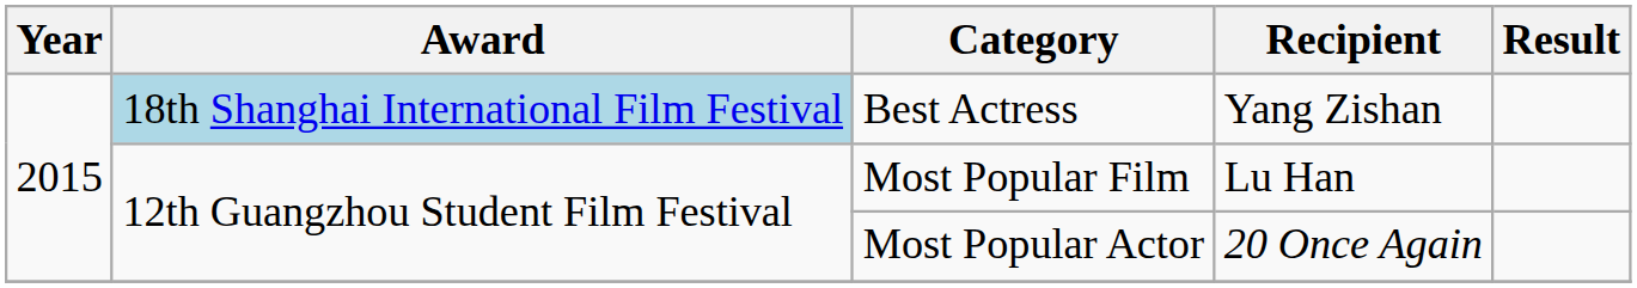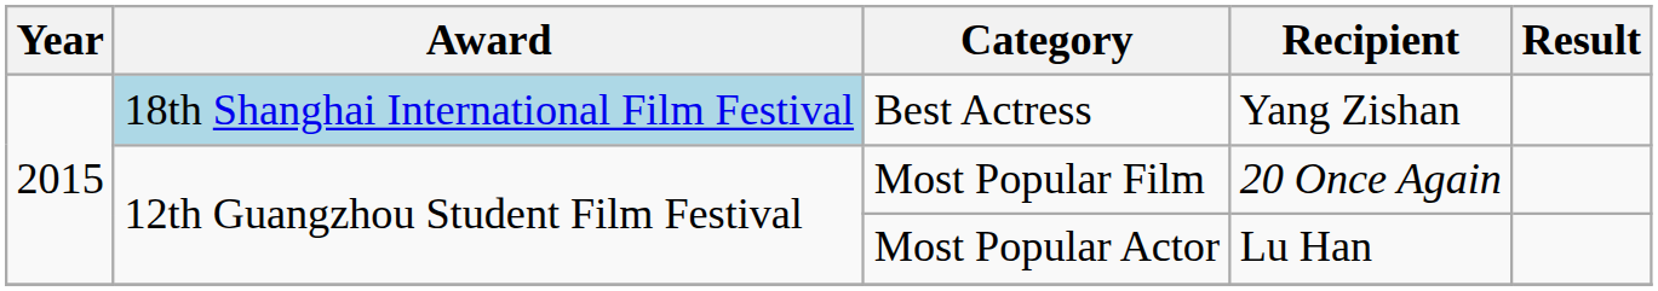 <table class="wikitable">
 <tr>
 <th>Year</th>
 <th>Award</th>
 <th>Category</th>
 <th>Recipient</th>
 <th>Result</th>
 </tr>
 <tr>
 <td rowspan=3>2015</td>
 <td style="background: lightblue;">18th <a href='#'>Shanghai International Film Festival</a></td>
 <td>Best Actress</td>
 <td>Yang Zishan</td>
 <td></td>
 </tr>
 <tr>
 <td rowspan=2>12th Guangzhou Student Film Festival</td>
 <td>Most Popular Film</td>
-<td rowspan=1>Lu Han</td>
+<td><em>20 Once Again</em></td>
 <td></td>
 </tr>
 <tr>
 <td>Most Popular Actor</td>
-<td><em>20 Once Again</em></td>
+<td rowspan=1>Lu Han</td>
 <td></td>
 </tr>
 <tr>
 </tr>
 </table>
